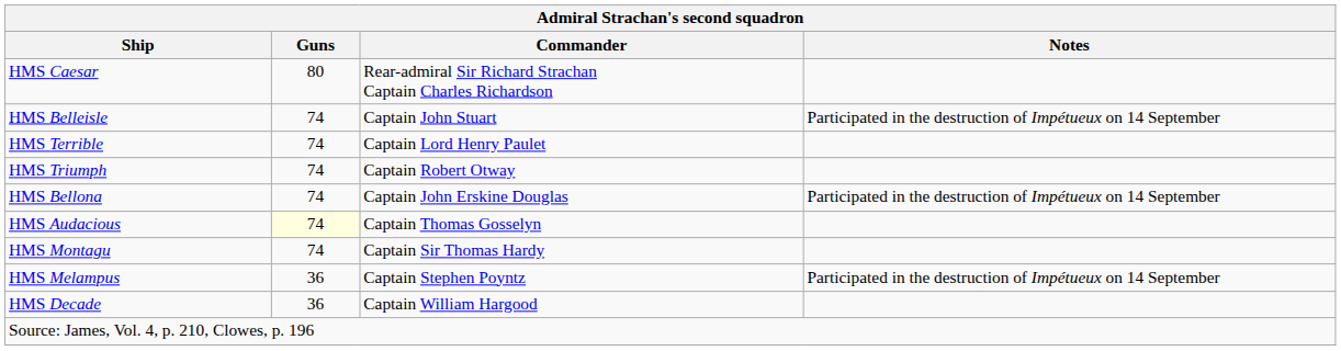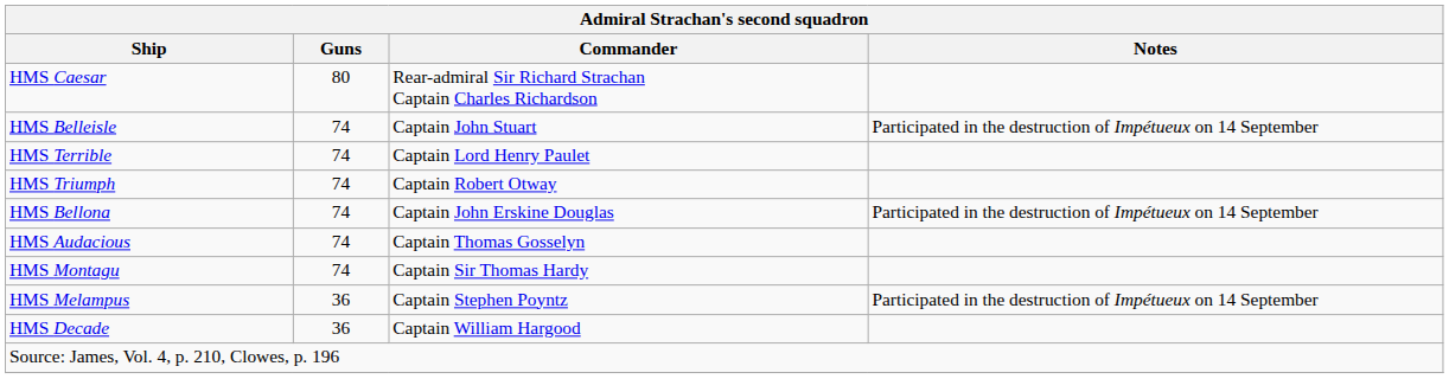 <table class="wikitable" width=100%>
 <tr valign="top">
 <th colspan="11" bgcolor="white">Admiral Strachan's second squadron</th>
 </tr>
 <tr valign="top"|- valign="top">
 <th width=15%; align= center>Ship</th>
 <th width=5%; align= center>Guns</th>
 <th width=25%; align= center>Commander</th>
 <th width=30%; align= center>Notes</th>
 </tr>
 <tr valign="top">
 <td align= left><a href='#'>HMS <em>Caesar</em></a></td>
 <td align= center>80</td>
 <td align= left>Rear-admiral <a href='#'>Sir Richard Strachan</a><br> Captain <a href='#'>Charles Richardson</a></td>
 <td align= left></td>
 </tr>
 <tr valign="top">
 <td align= left><a href='#'>HMS <em>Belleisle</em></a></td>
 <td align= center>74</td>
 <td align= left>Captain <a href='#'>John Stuart</a></td>
 <td align= left>Participated in the destruction of <em>Impétueux</em> on 14 September</td>
 </tr>
 <tr valign="top">
 <td align= left><a href='#'>HMS <em>Terrible</em></a></td>
 <td align= center>74</td>
 <td align= left>Captain <a href='#'>Lord Henry Paulet</a></td>
 <td align= left></td>
 </tr>
 <tr valign="top">
 <td align= left><a href='#'>HMS <em>Triumph</em></a></td>
 <td align= center>74</td>
 <td align= left>Captain <a href='#'>Robert Otway</a></td>
 <td align= left></td>
 </tr>
 <tr valign="top">
 <td align= left><a href='#'>HMS <em>Bellona</em></a></td>
 <td align= center>74</td>
 <td align= left>Captain <a href='#'>John Erskine Douglas</a></td>
 <td align= left>Participated in the destruction of <em>Impétueux</em> on 14 September</td>
 </tr>
 <tr valign="top">
 <td align= left><a href='#'>HMS <em>Audacious</em></a></td>
-<td align= center style="background: lightyellow;">74</td>
+<td align= center>74</td>
 <td align= left>Captain <a href='#'>Thomas Gosselyn</a></td>
 <td align= left></td>
 </tr>
 <tr valign="top">
 <td align= left><a href='#'>HMS <em>Montagu</em></a></td>
 <td align= center>74</td>
 <td align= left>Captain <a href='#'>Sir Thomas Hardy</a></td>
 <td align= left></td>
 </tr>
 <tr valign="top">
 <td align= left><a href='#'>HMS <em>Melampus</em></a></td>
 <td align= center>36</td>
 <td align= left>Captain <a href='#'>Stephen Poyntz</a></td>
 <td align= left>Participated in the destruction of <em>Impétueux</em> on 14 September</td>
 </tr>
 <tr valign="top">
 <td align= left><a href='#'>HMS <em>Decade</em></a></td>
 <td align= center>36</td>
 <td align= left>Captain <a href='#'>William Hargood</a></td>
 <td align= left></td>
 </tr>
 <tr valign="top">
 <td colspan="9" align="left">Source: James, Vol. 4, p. 210, Clowes, p. 196</td>
 </tr>
 <tr>
 </tr>
 </table>
